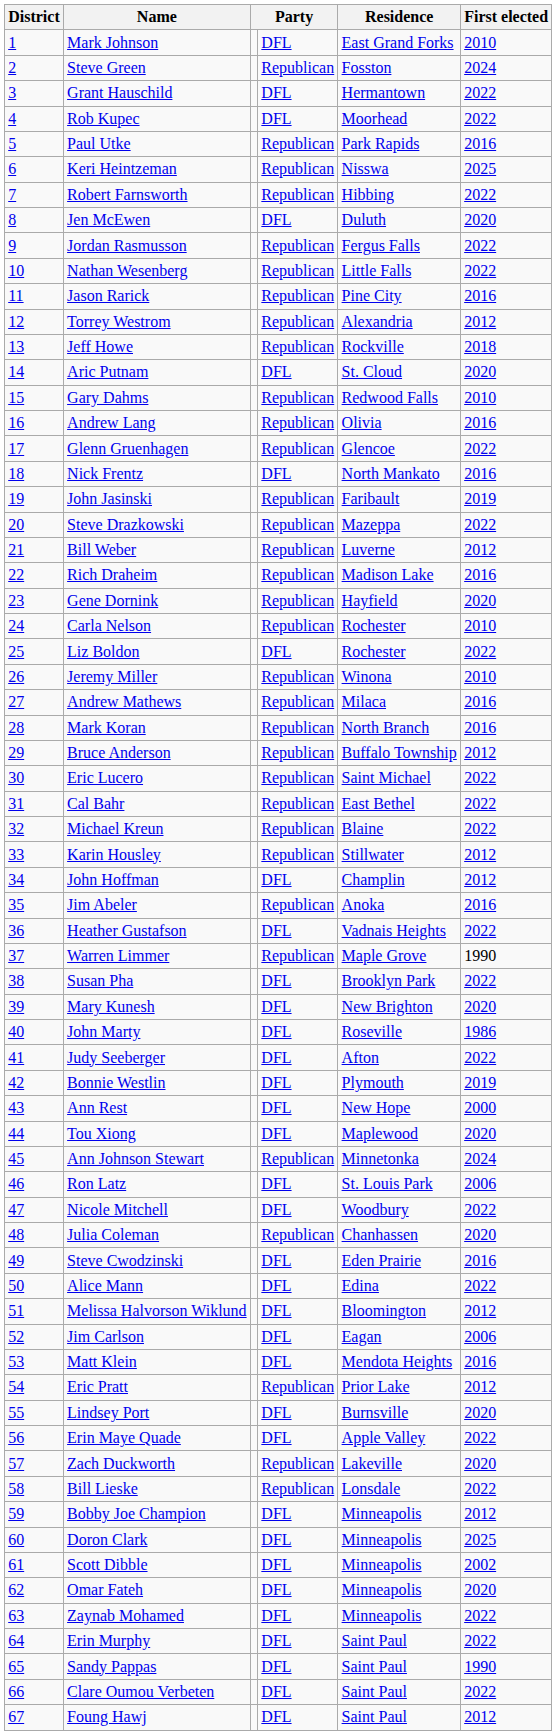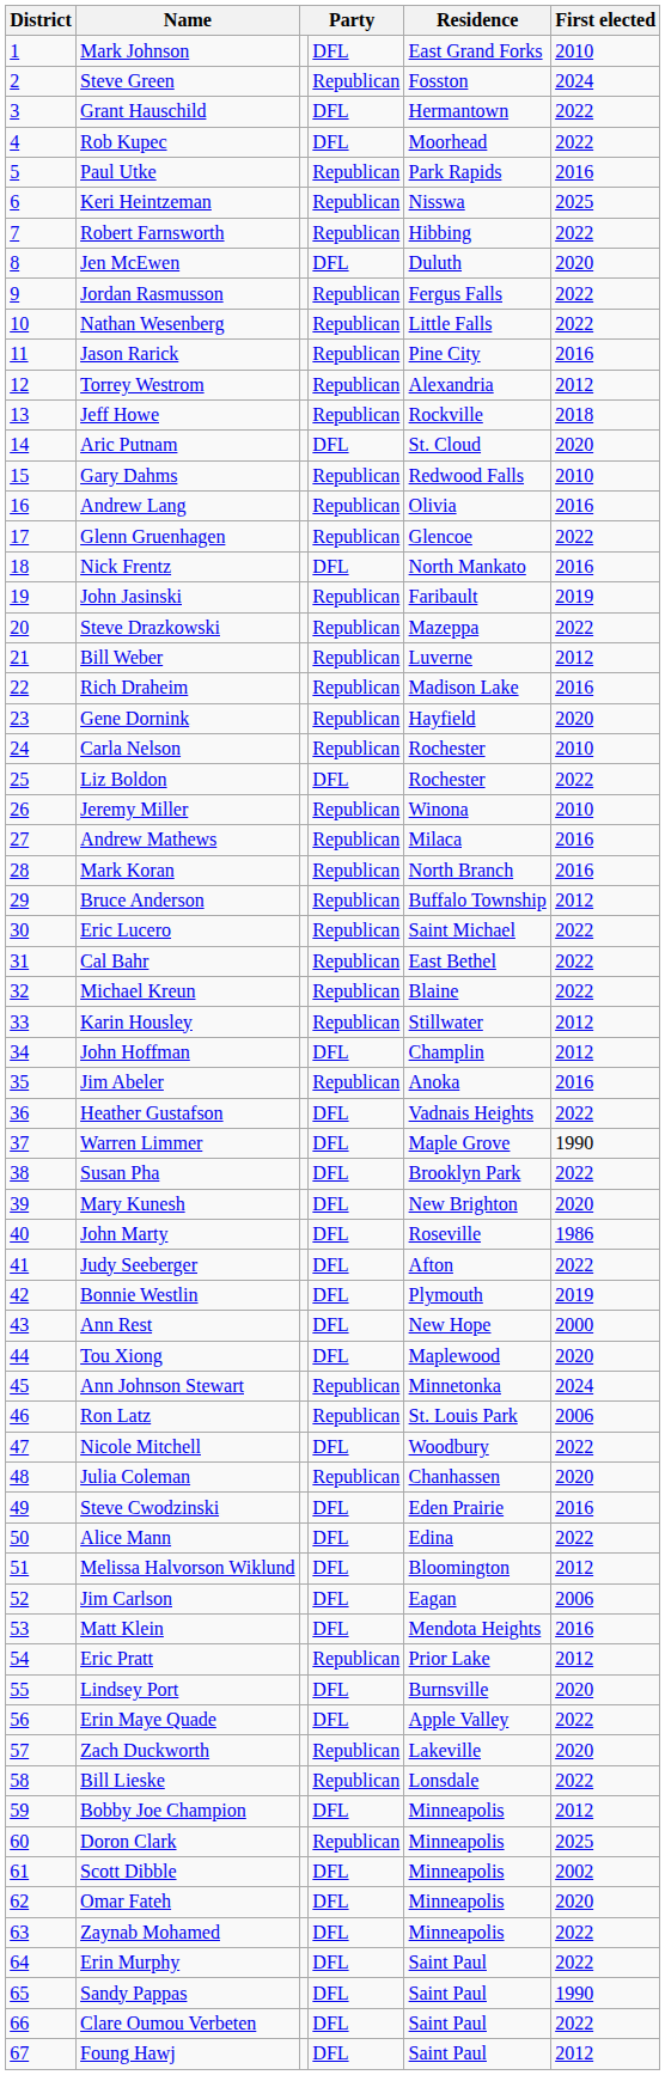 <table class="wikitable sortable">
 <tr>
 <th>District</th>
 <th>Name</th>
 <th colspan=2>Party</th>
 <th>Residence</th>
 <th>First elected</th>
 </tr>
 <tr>
 <td><a href='#'>1</a></td>
 <td data-sort-value="Johnson, Mark"><a href='#'>Mark Johnson</a></td>
 <td style="background:"></td>
 <td><a href='#'>DFL</a></td>
 <td><a href='#'>East Grand Forks</a></td>
 <td><a href='#'>2010</a></td>
 </tr>
 <tr>
 <td><a href='#'>2</a></td>
 <td data-sort-value="Green, Steve"><a href='#'>Steve Green</a></td>
 <td style="background:"></td>
 <td><a href='#'>Republican</a></td>
 <td><a href='#'>Fosston</a></td>
 <td><a href='#'>2024</a></td>
 </tr>
 <tr>
 <td><a href='#'>3</a></td>
 <td data-sort-value="Hauschild, Grant"><a href='#'>Grant Hauschild</a></td>
 <td style="background:"></td>
 <td><a href='#'>DFL</a></td>
 <td><a href='#'>Hermantown</a></td>
 <td><a href='#'>2022</a></td>
 </tr>
 <tr>
 <td><a href='#'>4</a></td>
 <td data-sort-value="Kupec, Rob"><a href='#'>Rob Kupec</a></td>
 <td style="background:"></td>
 <td><a href='#'>DFL</a></td>
 <td><a href='#'>Moorhead</a></td>
 <td><a href='#'>2022</a></td>
 </tr>
 <tr>
 <td><a href='#'>5</a></td>
 <td data-sort-value="Utke, Paul"><a href='#'>Paul Utke</a></td>
 <td style="background:"></td>
 <td><a href='#'>Republican</a></td>
 <td><a href='#'>Park Rapids</a></td>
 <td><a href='#'>2016</a></td>
 </tr>
 <tr>
 <td><a href='#'>6</a></td>
 <td data-sort-value="Heintzeman, Keri"><a href='#'>Keri Heintzeman</a></td>
 <td style="background:"></td>
 <td><a href='#'>Republican</a></td>
 <td><a href='#'>Nisswa</a></td>
 <td><a href='#'>2025</a></td>
 </tr>
 <tr>
 <td><a href='#'>7</a></td>
 <td data-sort-value="Farnsworth, Rob"><a href='#'>Robert Farnsworth</a></td>
 <td style="background:"></td>
 <td><a href='#'>Republican</a></td>
 <td><a href='#'>Hibbing</a></td>
 <td><a href='#'>2022</a></td>
 </tr>
 <tr>
 <td><a href='#'>8</a></td>
 <td data-sort-value="McEwen, Jen"><a href='#'>Jen McEwen</a></td>
 <td style="background:"></td>
 <td><a href='#'>DFL</a></td>
 <td><a href='#'>Duluth</a></td>
 <td><a href='#'>2020</a></td>
 </tr>
 <tr>
 <td><a href='#'>9</a></td>
 <td data-sort-value="Rasmusson, Jordan"><a href='#'>Jordan Rasmusson</a></td>
 <td style="background:"></td>
 <td><a href='#'>Republican</a></td>
 <td><a href='#'>Fergus Falls</a></td>
 <td><a href='#'>2022</a></td>
 </tr>
 <tr>
 <td><a href='#'>10</a></td>
 <td data-sort-value="Wesenberg, Nathan"><a href='#'>Nathan Wesenberg</a></td>
 <td style="background:"></td>
 <td><a href='#'>Republican</a></td>
 <td><a href='#'>Little Falls</a></td>
 <td><a href='#'>2022</a></td>
 </tr>
 <tr>
 <td><a href='#'>11</a></td>
 <td data-sort-value="Rarick, Jason"><a href='#'>Jason Rarick</a></td>
 <td style="background:"></td>
 <td><a href='#'>Republican</a></td>
 <td><a href='#'>Pine City</a></td>
 <td><a href='#'>2016</a></td>
 </tr>
 <tr>
 <td><a href='#'>12</a></td>
 <td data-sort-value="Westrom, Torrey"><a href='#'>Torrey Westrom</a></td>
 <td style="background:"></td>
 <td><a href='#'>Republican</a></td>
 <td><a href='#'>Alexandria</a></td>
 <td><a href='#'>2012</a></td>
 </tr>
 <tr>
 <td><a href='#'>13</a></td>
 <td data-sort-value="Howe, Jeff"><a href='#'>Jeff Howe</a></td>
 <td style="background:"></td>
 <td><a href='#'>Republican</a></td>
 <td><a href='#'>Rockville</a></td>
 <td><a href='#'>2018</a></td>
 </tr>
 <tr>
 <td><a href='#'>14</a></td>
 <td data-sort-value="Putnam, Aric"><a href='#'>Aric Putnam</a></td>
 <td style="background:"></td>
 <td><a href='#'>DFL</a></td>
 <td><a href='#'>St. Cloud</a></td>
 <td><a href='#'>2020</a></td>
 </tr>
 <tr>
 <td><a href='#'>15</a></td>
 <td data-sort-value="Dahms, Gary"><a href='#'>Gary Dahms</a></td>
 <td style="background:"></td>
 <td><a href='#'>Republican</a></td>
 <td><a href='#'>Redwood Falls</a></td>
 <td><a href='#'>2010</a></td>
 </tr>
 <tr>
 <td><a href='#'>16</a></td>
 <td data-sort-value="Lang, Andrew"><a href='#'>Andrew Lang</a></td>
 <td style="background:"></td>
 <td><a href='#'>Republican</a></td>
 <td><a href='#'>Olivia</a></td>
 <td><a href='#'>2016</a></td>
 </tr>
 <tr>
 <td><a href='#'>17</a></td>
 <td data-sort-value="Gruenhagen, Glenn"><a href='#'>Glenn Gruenhagen</a></td>
 <td style="background:"></td>
 <td><a href='#'>Republican</a></td>
 <td><a href='#'>Glencoe</a></td>
 <td><a href='#'>2022</a></td>
 </tr>
 <tr>
 <td><a href='#'>18</a></td>
 <td data-sort-value="Frentz, Nick"><a href='#'>Nick Frentz</a></td>
 <td style="background:"></td>
 <td><a href='#'>DFL</a></td>
 <td><a href='#'>North Mankato</a></td>
 <td><a href='#'>2016</a></td>
 </tr>
 <tr>
 <td><a href='#'>19</a></td>
 <td data-sort-value="Jasinski, John"><a href='#'>John Jasinski</a></td>
 <td style="background:"></td>
 <td><a href='#'>Republican</a></td>
 <td><a href='#'>Faribault</a></td>
 <td><a href='#'>2019</a></td>
 </tr>
 <tr>
 <td><a href='#'>20</a></td>
 <td data-sort-value="Drazkowski, Steve"><a href='#'>Steve Drazkowski</a></td>
 <td style="background:"></td>
 <td><a href='#'>Republican</a></td>
 <td><a href='#'>Mazeppa</a></td>
 <td><a href='#'>2022</a></td>
 </tr>
 <tr>
 <td><a href='#'>21</a></td>
 <td data-sort-value="Weber, Bill"><a href='#'>Bill Weber</a></td>
 <td style="background:"></td>
 <td><a href='#'>Republican</a></td>
 <td><a href='#'>Luverne</a></td>
 <td><a href='#'>2012</a></td>
 </tr>
 <tr>
 <td><a href='#'>22</a></td>
 <td data-sort-value="Draheim, Rich"><a href='#'>Rich Draheim</a></td>
 <td style="background:"></td>
 <td><a href='#'>Republican</a></td>
 <td><a href='#'>Madison Lake</a></td>
 <td><a href='#'>2016</a></td>
 </tr>
 <tr>
 <td><a href='#'>23</a></td>
 <td data-sort-value="Dornik, Gene"><a href='#'>Gene Dornink</a></td>
 <td style="background:"></td>
 <td><a href='#'>Republican</a></td>
 <td><a href='#'>Hayfield</a></td>
 <td><a href='#'>2020</a></td>
 </tr>
 <tr>
 <td><a href='#'>24</a></td>
 <td data-sort-value="Nelson, Carla"><a href='#'>Carla Nelson</a></td>
 <td style="background:"></td>
 <td><a href='#'>Republican</a></td>
 <td><a href='#'>Rochester</a></td>
 <td><a href='#'>2010</a></td>
 </tr>
 <tr>
 <td><a href='#'>25</a></td>
 <td data-sort-value="Boldon, Liz"><a href='#'>Liz Boldon</a></td>
 <td style="background:"></td>
 <td><a href='#'>DFL</a></td>
 <td><a href='#'>Rochester</a></td>
 <td><a href='#'>2022</a></td>
 </tr>
 <tr>
 <td><a href='#'>26</a></td>
 <td data-sort-value="Miller, Jeremy"><a href='#'>Jeremy Miller</a></td>
 <td style="background:"></td>
 <td><a href='#'>Republican</a></td>
 <td><a href='#'>Winona</a></td>
 <td><a href='#'>2010</a></td>
 </tr>
 <tr>
 <td><a href='#'>27</a></td>
 <td data-sort-value="Mathews, Andrew"><a href='#'>Andrew Mathews</a></td>
 <td style="background:"></td>
 <td><a href='#'>Republican</a></td>
 <td><a href='#'>Milaca</a></td>
 <td><a href='#'>2016</a></td>
 </tr>
 <tr>
 <td><a href='#'>28</a></td>
 <td data-sort-value="Koran, Mark"><a href='#'>Mark Koran</a></td>
 <td style="background:"></td>
 <td><a href='#'>Republican</a></td>
 <td><a href='#'>North Branch</a></td>
 <td><a href='#'>2016</a></td>
 </tr>
 <tr>
 <td><a href='#'>29</a></td>
 <td data-sort-value="Anderson, Bruce"><a href='#'>Bruce Anderson</a></td>
 <td style="background:"></td>
 <td><a href='#'>Republican</a></td>
 <td><a href='#'>Buffalo Township</a></td>
 <td><a href='#'>2012</a></td>
 </tr>
 <tr>
 <td><a href='#'>30</a></td>
 <td data-sort-value="Lucero, Eric"><a href='#'>Eric Lucero</a></td>
 <td style="background:"></td>
 <td><a href='#'>Republican</a></td>
 <td><a href='#'>Saint Michael</a></td>
 <td><a href='#'>2022</a></td>
 </tr>
 <tr>
 <td><a href='#'>31</a></td>
 <td data-sort-value="Bahr, Cal"><a href='#'>Cal Bahr</a></td>
 <td style="background:"></td>
 <td><a href='#'>Republican</a></td>
 <td><a href='#'>East Bethel</a></td>
 <td><a href='#'>2022</a></td>
 </tr>
 <tr>
 <td><a href='#'>32</a></td>
 <td data-sort-value="Kreun, Michael"><a href='#'>Michael Kreun</a></td>
 <td style="background:"></td>
 <td><a href='#'>Republican</a></td>
 <td><a href='#'>Blaine</a></td>
 <td><a href='#'>2022</a></td>
 </tr>
 <tr>
 <td><a href='#'>33</a></td>
 <td data-sort-value="Housley, Karin"><a href='#'>Karin Housley</a></td>
 <td style="background:"></td>
 <td><a href='#'>Republican</a></td>
 <td><a href='#'>Stillwater</a></td>
 <td><a href='#'>2012</a></td>
 </tr>
 <tr>
 <td><a href='#'>34</a></td>
 <td data-sort-value="Hoffman, John"><a href='#'>John Hoffman</a></td>
 <td style="background:"></td>
 <td><a href='#'>DFL</a></td>
 <td><a href='#'>Champlin</a></td>
 <td><a href='#'>2012</a></td>
 </tr>
 <tr>
 <td><a href='#'>35</a></td>
 <td data-sort-value="Abeler, Jim"><a href='#'>Jim Abeler</a></td>
 <td style="background:"></td>
 <td><a href='#'>Republican</a></td>
 <td><a href='#'>Anoka</a></td>
 <td><a href='#'>2016</a></td>
 </tr>
 <tr>
 <td><a href='#'>36</a></td>
 <td data-sort-value="Gustafson, Heather"><a href='#'>Heather Gustafson</a></td>
 <td style="background:"></td>
 <td><a href='#'>DFL</a></td>
 <td><a href='#'>Vadnais Heights</a></td>
 <td><a href='#'>2022</a></td>
 </tr>
 <tr>
 <td><a href='#'>37</a></td>
 <td data-sort-value="Limmer, Warren"><a href='#'>Warren Limmer</a></td>
 <td style="background:"></td>
-<td><a href='#'>Republican</a></td>
+<td><a href='#'>DFL</a></td>
 <td><a href='#'>Maple Grove</a></td>
 <td>1990</td>
 </tr>
 <tr>
 <td><a href='#'>38</a></td>
 <td data-sort-value="Pha, Susan"><a href='#'>Susan Pha</a></td>
 <td style="background:"></td>
 <td><a href='#'>DFL</a></td>
 <td><a href='#'>Brooklyn Park</a></td>
 <td><a href='#'>2022</a></td>
 </tr>
 <tr>
 <td><a href='#'>39</a></td>
 <td data-sort-value="Kunesh, Mary"><a href='#'>Mary Kunesh</a></td>
 <td style="background:"></td>
 <td><a href='#'>DFL</a></td>
 <td><a href='#'>New Brighton</a></td>
 <td><a href='#'>2020</a></td>
 </tr>
 <tr>
 <td><a href='#'>40</a></td>
 <td data-sort-value="Marty, John"><a href='#'>John Marty</a></td>
 <td style="background:"></td>
 <td><a href='#'>DFL</a></td>
 <td><a href='#'>Roseville</a></td>
 <td><a href='#'>1986</a></td>
 </tr>
 <tr>
 <td><a href='#'>41</a></td>
 <td data-sort-value="Seeberger, Judy"><a href='#'>Judy Seeberger</a></td>
 <td style="background:"></td>
 <td><a href='#'>DFL</a></td>
 <td><a href='#'>Afton</a></td>
 <td><a href='#'>2022</a></td>
 </tr>
 <tr>
 <td><a href='#'>42</a></td>
 <td data-sort-value="Westlin, Bonnie"><a href='#'>Bonnie Westlin</a></td>
 <td style="background:"></td>
 <td><a href='#'>DFL</a></td>
 <td><a href='#'>Plymouth</a></td>
 <td><a href='#'>2019</a></td>
 </tr>
 <tr>
 <td><a href='#'>43</a></td>
 <td data-sort-value="Rest, Ann"><a href='#'>Ann Rest</a></td>
 <td style="background:"></td>
 <td><a href='#'>DFL</a></td>
 <td><a href='#'>New Hope</a></td>
 <td><a href='#'>2000</a></td>
 </tr>
 <tr>
 <td><a href='#'>44</a></td>
 <td data-sort-value="Xiong, Tou"><a href='#'>Tou Xiong</a></td>
 <td style="background:"></td>
 <td><a href='#'>DFL</a></td>
 <td><a href='#'>Maplewood</a></td>
 <td><a href='#'>2020</a></td>
 </tr>
 <tr>
 <td><a href='#'>45</a></td>
 <td data-sort-value="Johnson Stewart, Ann"><a href='#'>Ann Johnson Stewart</a></td>
 <td style="background:"></td>
 <td><a href='#'>Republican</a></td>
 <td><a href='#'>Minnetonka</a></td>
 <td><a href='#'>2024</a></td>
 </tr>
 <tr>
 <td><a href='#'>46</a></td>
 <td data-sort-value="Latz, Ron"><a href='#'>Ron Latz</a></td>
 <td style="background:"></td>
-<td><a href='#'>DFL</a></td>
+<td><a href='#'>Republican</a></td>
 <td><a href='#'>St. Louis Park</a></td>
 <td><a href='#'>2006</a></td>
 </tr>
 <tr>
 <td><a href='#'>47</a></td>
 <td data-sort-value="Mitchell, Nicole"><a href='#'>Nicole Mitchell</a></td>
 <td style="background:"></td>
 <td><a href='#'>DFL</a></td>
 <td><a href='#'>Woodbury</a></td>
 <td><a href='#'>2022</a></td>
 </tr>
 <tr>
 <td><a href='#'>48</a></td>
 <td data-sort-value="Coleman, Julia"><a href='#'>Julia Coleman</a></td>
 <td style="background:"></td>
 <td><a href='#'>Republican</a></td>
 <td><a href='#'>Chanhassen</a></td>
 <td><a href='#'>2020</a></td>
 </tr>
 <tr>
 <td><a href='#'>49</a></td>
 <td data-sort-value="Cwodzinski, Steve"><a href='#'>Steve Cwodzinski</a></td>
 <td style="background:"></td>
 <td><a href='#'>DFL</a></td>
 <td><a href='#'>Eden Prairie</a></td>
 <td><a href='#'>2016</a></td>
 </tr>
 <tr>
 <td><a href='#'>50</a></td>
 <td data-sort-value="Mann, Alice"><a href='#'>Alice Mann</a></td>
 <td style="background:"></td>
 <td><a href='#'>DFL</a></td>
 <td><a href='#'>Edina</a></td>
 <td><a href='#'>2022</a></td>
 </tr>
 <tr>
 <td><a href='#'>51</a></td>
 <td data-sort-value="Wiklund, Melissa Halvorson"><a href='#'>Melissa Halvorson Wiklund</a></td>
 <td style="background:"></td>
 <td><a href='#'>DFL</a></td>
 <td><a href='#'>Bloomington</a></td>
 <td><a href='#'>2012</a></td>
 </tr>
 <tr>
 <td><a href='#'>52</a></td>
 <td data-sort-value="Carlson, Jim"><a href='#'>Jim Carlson</a></td>
 <td style="background:"></td>
 <td><a href='#'>DFL</a></td>
 <td><a href='#'>Eagan</a></td>
 <td data-sort-value="2006"><a href='#'>2006</a></td>
 </tr>
 <tr>
 <td><a href='#'>53</a></td>
 <td data-sort-value="Klein, Matt"><a href='#'>Matt Klein</a></td>
 <td style="background:"></td>
 <td><a href='#'>DFL</a></td>
 <td><a href='#'>Mendota Heights</a></td>
 <td><a href='#'>2016</a></td>
 </tr>
 <tr>
 <td><a href='#'>54</a></td>
 <td data-sort-value="Pratt, Eric"><a href='#'>Eric Pratt</a></td>
 <td style="background:"></td>
 <td><a href='#'>Republican</a></td>
 <td><a href='#'>Prior Lake</a></td>
 <td><a href='#'>2012</a></td>
 </tr>
 <tr>
 <td><a href='#'>55</a></td>
 <td data-sort-value="Port, Lindsey"><a href='#'>Lindsey Port</a></td>
 <td style="background:"></td>
 <td><a href='#'>DFL</a></td>
 <td><a href='#'>Burnsville</a></td>
 <td><a href='#'>2020</a></td>
 </tr>
 <tr>
 <td><a href='#'>56</a></td>
 <td data-sort-value="Maye Quade, Erin"><a href='#'>Erin Maye Quade</a></td>
 <td style="background:"></td>
 <td><a href='#'>DFL</a></td>
 <td><a href='#'>Apple Valley</a></td>
 <td><a href='#'>2022</a></td>
 </tr>
 <tr>
 <td><a href='#'>57</a></td>
 <td data-sort-value="Duckworth, Zach"><a href='#'>Zach Duckworth</a></td>
 <td style="background:"></td>
 <td><a href='#'>Republican</a></td>
 <td><a href='#'>Lakeville</a></td>
 <td><a href='#'>2020</a></td>
 </tr>
 <tr>
 <td><a href='#'>58</a></td>
 <td data-sort-value="Lieske, Bill"><a href='#'>Bill Lieske</a></td>
 <td style="background:"></td>
 <td><a href='#'>Republican</a></td>
 <td><a href='#'>Lonsdale</a></td>
 <td><a href='#'>2022</a></td>
 </tr>
 <tr>
 <td><a href='#'>59</a></td>
 <td data-sort-value="Champion, Bobby Joe"><a href='#'>Bobby Joe Champion</a></td>
 <td style="background:"></td>
 <td><a href='#'>DFL</a></td>
 <td><a href='#'>Minneapolis</a></td>
 <td><a href='#'>2012</a></td>
 </tr>
 <tr>
 <td><a href='#'>60</a></td>
 <td data-sort-value="Clark, Doron"><a href='#'>Doron Clark</a></td>
 <td style="background:"></td>
-<td><a href='#'>DFL</a></td>
+<td><a href='#'>Republican</a></td>
 <td><a href='#'>Minneapolis</a></td>
 <td><a href='#'>2025</a></td>
 </tr>
 <tr>
 <td><a href='#'>61</a></td>
 <td data-sort-value="Dibble, Scott"><a href='#'>Scott Dibble</a></td>
 <td style="background:"></td>
 <td><a href='#'>DFL</a></td>
 <td><a href='#'>Minneapolis</a></td>
 <td><a href='#'>2002</a></td>
 </tr>
 <tr>
 <td><a href='#'>62</a></td>
 <td data-sort-value="Fateh, Omar"><a href='#'>Omar Fateh</a></td>
 <td style="background:"></td>
 <td><a href='#'>DFL</a></td>
 <td><a href='#'>Minneapolis</a></td>
 <td><a href='#'>2020</a></td>
 </tr>
 <tr>
 <td><a href='#'>63</a></td>
 <td data-sort-value="Mohamed, Zaynab"><a href='#'>Zaynab Mohamed</a></td>
 <td style="background:"></td>
 <td><a href='#'>DFL</a></td>
 <td><a href='#'>Minneapolis</a></td>
 <td><a href='#'>2022</a></td>
 </tr>
 <tr>
 <td><a href='#'>64</a></td>
 <td data-sort-value="Murphy, Erin"><a href='#'>Erin Murphy</a></td>
 <td style="background:"></td>
 <td><a href='#'>DFL</a></td>
 <td><a href='#'>Saint Paul</a></td>
 <td><a href='#'>2022</a></td>
 </tr>
 <tr>
 <td><a href='#'>65</a></td>
 <td data-sort-value="Pappas, Sandy"><a href='#'>Sandy Pappas</a></td>
 <td style="background:"></td>
 <td><a href='#'>DFL</a></td>
 <td><a href='#'>Saint Paul</a></td>
 <td><a href='#'>1990</a></td>
 </tr>
 <tr>
 <td><a href='#'>66</a></td>
 <td data-sort-value="Oumou Verbeten, Clare"><a href='#'>Clare Oumou Verbeten</a></td>
 <td style="background:"></td>
 <td><a href='#'>DFL</a></td>
 <td><a href='#'>Saint Paul</a></td>
 <td><a href='#'>2022</a></td>
 </tr>
 <tr>
 </tr>
 <tr>
 <td><a href='#'>67</a></td>
 <td data-sort-value="Hawj, Foung"><a href='#'>Foung Hawj</a></td>
 <td style="background:"></td>
 <td><a href='#'>DFL</a></td>
 <td><a href='#'>Saint Paul</a></td>
 <td><a href='#'>2012</a></td>
 </tr>
 </table>
